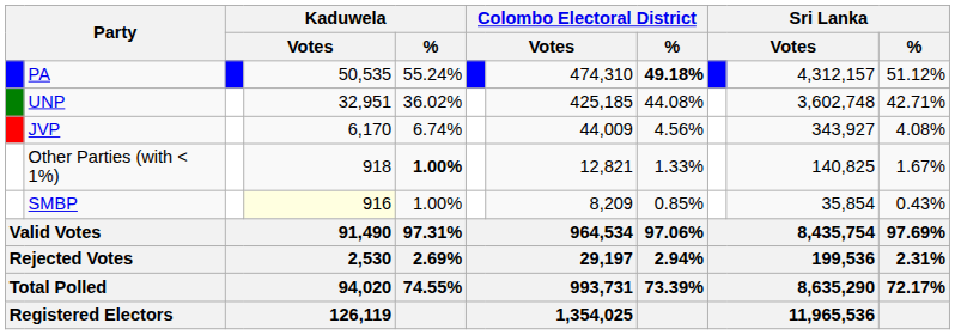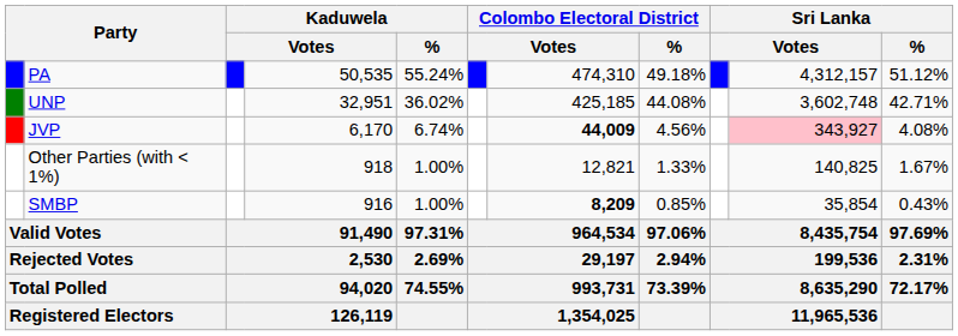 <table class="wikitable">
 <tr>
 <th colspan="2" width="144px"rowspan="2">Party</th>
 <th colspan="3" width="216px">Kaduwela</th>
 <th colspan="3" width="216px"><a href='#'>Colombo Electoral District</a></th>
 <th colspan="3" width="216px">Sri Lanka</th>
 </tr>
 <tr>
 <th colspan="2" width="144px">Votes</th>
 <th>%</th>
 <th colspan="2" width="144px">Votes</th>
 <th>%</th>
 <th colspan="2" width="144px">Votes</th>
 <th>%</th>
 </tr>
 <tr>
 <td style="background-color:blue;" width="10px"></td>
 <td style="text-align:left;"><a href='#'>PA</a></td>
 <td style="background-color:blue;" width="10px"></td>
 <td style="text-align:right;">50,535</td>
 <td style="text-align:right;">55.24%</td>
 <td style="background-color:blue;" width="10px"></td>
 <td style="text-align:right;">474,310</td>
-<td style="text-align:right;"><strong>49.18%</strong></td>
+<td style="text-align:right;">49.18%</td>
 <td style="background-color:blue;" width="10px"></td>
 <td style="text-align:right;">4,312,157</td>
 <td style="text-align:right;">51.12%</td>
 </tr>
 <tr>
 <td style="background-color:green;" width="10px"></td>
 <td style="text-align:left;"><a href='#'>UNP</a></td>
 <td style="background-color:white;" width="10px"></td>
 <td style="text-align:right;">32,951</td>
 <td style="text-align:right;">36.02%</td>
 <td style="background-color:white;" width="10px"></td>
 <td style="text-align:right;">425,185</td>
 <td style="text-align:right;">44.08%</td>
 <td style="background-color:white;" width="10px"></td>
 <td style="text-align:right;">3,602,748</td>
 <td style="text-align:right;">42.71%</td>
 </tr>
 <tr>
 <td style="background-color:red;" width="10px"></td>
 <td style="text-align:left;"><a href='#'>JVP</a></td>
 <td style="background-color:white;" width="10px"></td>
 <td style="text-align:right;">6,170</td>
 <td style="text-align:right;">6.74%</td>
 <td style="background-color:white;" width="10px"></td>
-<td style="text-align:right;">44,009</td>
+<td style="text-align:right;"><strong>44,009</strong></td>
 <td style="text-align:right;">4.56%</td>
 <td style="background-color:white;" width="10px"></td>
-<td style="text-align:right;">343,927</td>
+<td style="background: pink; text-align:right;">343,927</td>
 <td style="text-align:right;">4.08%</td>
 </tr>
 <tr>
 <td style="background-color:white;" width="10px"></td>
 <td style="text-align:left;">Other Parties (with < 1%)</td>
 <td style="background-color:white;" width="10px"></td>
 <td style="text-align:right;">918</td>
-<td style="text-align:right;"><strong>1.00%</strong></td>
+<td style="text-align:right;">1.00%</td>
 <td style="background-color:white;" width="10px"></td>
 <td style="text-align:right;">12,821</td>
 <td style="text-align:right;">1.33%</td>
 <td style="background-color:white;" width="10px"></td>
 <td style="text-align:right;">140,825</td>
 <td style="text-align:right;">1.67%</td>
 </tr>
 <tr>
 <td style="background-color:white;" width="10px"></td>
 <td style="text-align:left;"><a href='#'>SMBP</a></td>
 <td style="background-color:white;" width="10px"></td>
-<td style="background: lightyellow; text-align:right;">916</td>
+<td style="text-align:right;">916</td>
 <td style="text-align:right;">1.00%</td>
 <td style="background-color:white;" width="10px"></td>
-<td style="text-align:right;">8,209</td>
+<td style="text-align:right;"><strong>8,209</strong></td>
 <td style="text-align:right;">0.85%</td>
 <td style="background-color:white;" width="10px"></td>
 <td style="text-align:right;">35,854</td>
 <td style="text-align:right;">0.43%</td>
 </tr>
 <tr>
 <th colspan="2" width="144px"style="text-align:left;">Valid Votes</th>
 <th style="text-align:right;"colspan="2" width="144px">91,490</th>
 <th style="text-align:right;">97.31%</th>
 <th style="text-align:right;"colspan="2" width="144px">964,534</th>
 <th style="text-align:right;">97.06%</th>
 <th style="text-align:right;"colspan="2" width="144px">8,435,754</th>
 <th style="text-align:right;">97.69%</th>
 </tr>
 <tr>
 <th colspan="2" width="144px"style="text-align:left;">Rejected Votes</th>
 <th style="text-align:right;"colspan="2" width="144px">2,530</th>
 <th style="text-align:right;">2.69%</th>
 <th style="text-align:right;"colspan="2" width="144px">29,197</th>
 <th style="text-align:right;">2.94%</th>
 <th style="text-align:right;"colspan="2" width="144px">199,536</th>
 <th style="text-align:right;">2.31%</th>
 </tr>
 <tr>
 <th colspan="2" width="144px"style="text-align:left;">Total Polled</th>
 <th style="text-align:right;"colspan="2" width="144px">94,020</th>
 <th style="text-align:right;">74.55%</th>
 <th style="text-align:right;"colspan="2" width="144px">993,731</th>
 <th style="text-align:right;">73.39%</th>
 <th style="text-align:right;"colspan="2" width="144px">8,635,290</th>
 <th style="text-align:right;">72.17%</th>
 </tr>
 <tr>
 <th colspan="2" width="144px"style="text-align:left;">Registered Electors</th>
 <th style="text-align:right;"colspan="2" width="144px">126,119</th>
 <th></th>
 <th style="text-align:right;"colspan="2" width="144px">1,354,025</th>
 <th></th>
 <th style="text-align:right;"colspan="2" width="144px">11,965,536</th>
 <th></th>
 </tr>
 </table>
